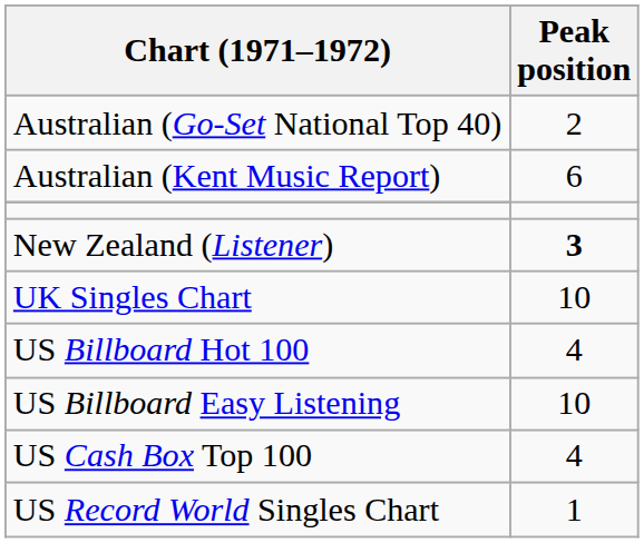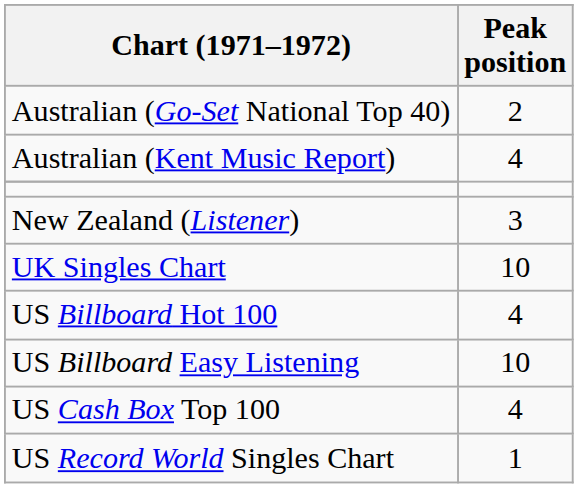 <table class="wikitable sortable">
 <tr>
 <th align="left">Chart (1971–1972)</th>
 <th align="left">Peak<br>position</th>
 </tr>
 <tr>
 <td>Australian (<em><a href='#'>Go-Set</a></em> National Top 40)</td>
 <td style="text-align:center;">2</td>
 </tr>
 <tr>
 <td align="left">Australian (<a href='#'>Kent Music Report</a>)</td>
-<td style="text-align:center;">6</td>
+<td style="text-align:center;">4</td>
 </tr>
 <tr>
 </tr>
 <tr>
 <td></td>
 </tr>
 <tr>
 <td align="left">New Zealand (<em><a href='#'>Listener</a></em>) </td>
-<td style="text-align:center;"><strong>3</strong></td>
+<td style="text-align:center;">3</td>
 </tr>
 <tr>
 <td align="left"><a href='#'>UK Singles Chart</a></td>
 <td style="text-align:center;">10</td>
 </tr>
 <tr>
 <td align="left">US <a href='#'><em>Billboard</em> Hot 100</a></td>
 <td style="text-align:center;">4</td>
 </tr>
 <tr>
 <td>US <em>Billboard</em> <a href='#'>Easy Listening</a></td>
 <td style="text-align:center;">10</td>
 </tr>
 <tr>
 <td align="left">US <em><a href='#'>Cash Box</a></em> Top 100</td>
 <td style="text-align:center;">4</td>
 </tr>
 <tr>
 <td align="left">US <em><a href='#'>Record World</a></em> Singles Chart</td>
 <td style="text-align:center;">1</td>
 </tr>
 </table>
